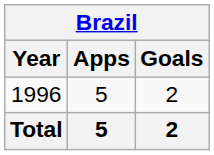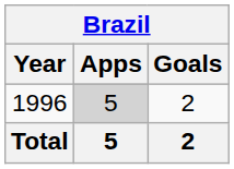 <table class="wikitable" style="text-align:center">
 <tr>
 <th colspan=3><a href='#'>Brazil</a></th>
 </tr>
 <tr>
 <th>Year</th>
 <th>Apps</th>
 <th>Goals</th>
 </tr>
 <tr>
 <td>1996</td>
-<td>5</td>
+<td style="background: lightgrey;">5</td>
 <td>2</td>
 </tr>
 <tr>
 <th>Total</th>
 <th>5</th>
 <th>2</th>
 </tr>
 </table>
